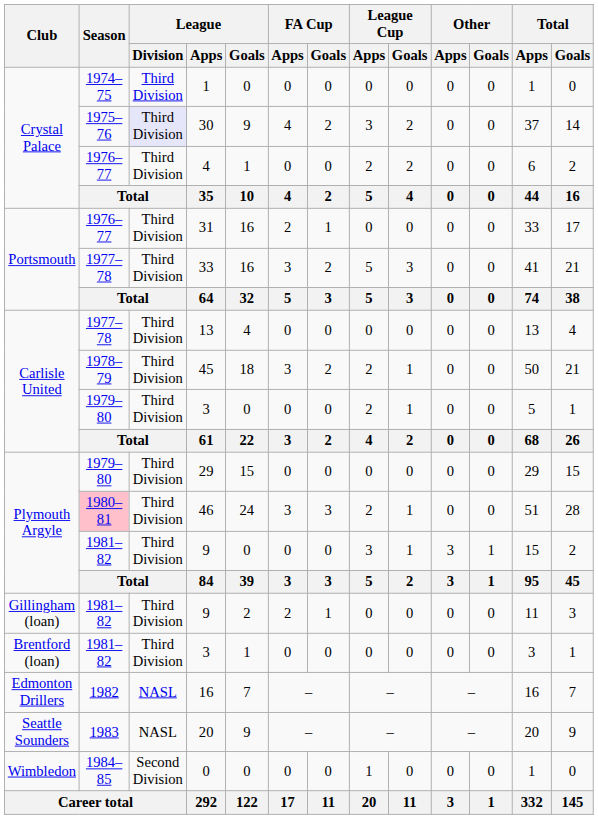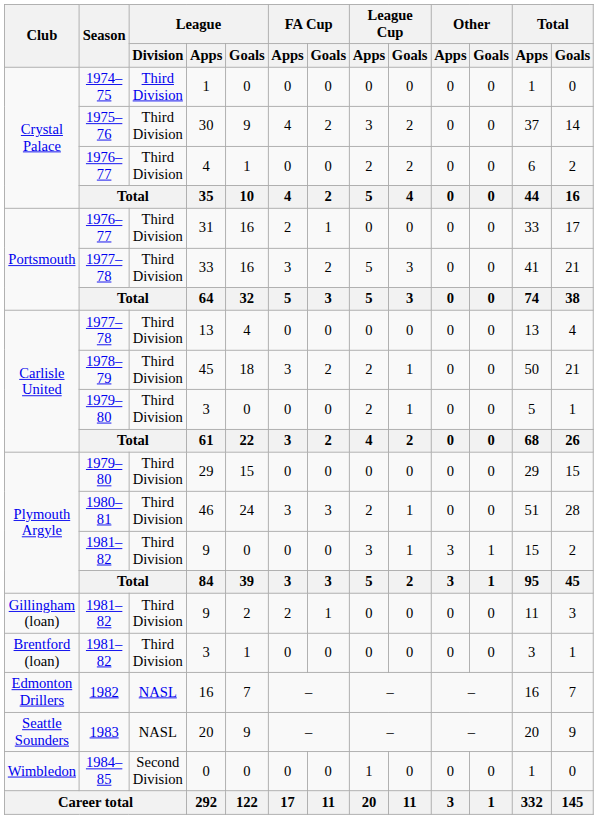 <table class="wikitable" style="text-align:center">
 <tr>
 <th rowspan="2">Club</th>
 <th rowspan="2">Season</th>
 <th colspan="3">League</th>
 <th colspan="2">FA Cup</th>
 <th colspan="2">League Cup</th>
 <th colspan="2">Other</th>
 <th colspan="2">Total</th>
 </tr>
 <tr>
 <th>Division</th>
 <th>Apps</th>
 <th>Goals</th>
 <th>Apps</th>
 <th>Goals</th>
 <th>Apps</th>
 <th>Goals</th>
 <th>Apps</th>
 <th>Goals</th>
 <th>Apps</th>
 <th>Goals</th>
 </tr>
 <tr>
 <td rowspan="4"><a href='#'>Crystal Palace</a></td>
 <td><a href='#'>1974–75</a></td>
 <td><a href='#'>Third Division</a></td>
 <td>1</td>
 <td>0</td>
 <td>0</td>
 <td>0</td>
 <td>0</td>
 <td>0</td>
 <td>0</td>
 <td>0</td>
 <td>1</td>
 <td>0</td>
 </tr>
 <tr>
 <td><a href='#'>1975–76</a></td>
-<td style="background: lavender;">Third Division</td>
+<td>Third Division</td>
 <td>30</td>
 <td>9</td>
 <td>4</td>
 <td>2</td>
 <td>3</td>
 <td>2</td>
 <td>0</td>
 <td>0</td>
 <td>37</td>
 <td>14</td>
 </tr>
 <tr>
 <td><a href='#'>1976–77</a></td>
 <td>Third Division</td>
 <td>4</td>
 <td>1</td>
 <td>0</td>
 <td>0</td>
 <td>2</td>
 <td>2</td>
 <td>0</td>
 <td>0</td>
 <td>6</td>
 <td>2</td>
 </tr>
 <tr>
 <th colspan="2">Total</th>
 <th>35</th>
 <th>10</th>
 <th>4</th>
 <th>2</th>
 <th>5</th>
 <th>4</th>
 <th>0</th>
 <th>0</th>
 <th>44</th>
 <th>16</th>
 </tr>
 <tr>
 <td rowspan="3"><a href='#'>Portsmouth</a></td>
 <td><a href='#'>1976–77</a></td>
 <td>Third Division</td>
 <td>31</td>
 <td>16</td>
 <td>2</td>
 <td>1</td>
 <td>0</td>
 <td>0</td>
 <td>0</td>
 <td>0</td>
 <td>33</td>
 <td>17</td>
 </tr>
 <tr>
 <td><a href='#'>1977–78</a></td>
 <td>Third Division</td>
 <td>33</td>
 <td>16</td>
 <td>3</td>
 <td>2</td>
 <td>5</td>
 <td>3</td>
 <td>0</td>
 <td>0</td>
 <td>41</td>
 <td>21</td>
 </tr>
 <tr>
 <th colspan="2">Total</th>
 <th>64</th>
 <th>32</th>
 <th>5</th>
 <th>3</th>
 <th>5</th>
 <th>3</th>
 <th>0</th>
 <th>0</th>
 <th>74</th>
 <th>38</th>
 </tr>
 <tr>
 <td rowspan="4"><a href='#'>Carlisle United</a></td>
 <td><a href='#'>1977–78</a></td>
 <td>Third Division</td>
 <td>13</td>
 <td>4</td>
 <td>0</td>
 <td>0</td>
 <td>0</td>
 <td>0</td>
 <td>0</td>
 <td>0</td>
 <td>13</td>
 <td>4</td>
 </tr>
 <tr>
 <td><a href='#'>1978–79</a></td>
 <td>Third Division</td>
 <td>45</td>
 <td>18</td>
 <td>3</td>
 <td>2</td>
 <td>2</td>
 <td>1</td>
 <td>0</td>
 <td>0</td>
 <td>50</td>
 <td>21</td>
 </tr>
 <tr>
 <td><a href='#'>1979–80</a></td>
 <td>Third Division</td>
 <td>3</td>
 <td>0</td>
 <td>0</td>
 <td>0</td>
 <td>2</td>
 <td>1</td>
 <td>0</td>
 <td>0</td>
 <td>5</td>
 <td>1</td>
 </tr>
 <tr>
 <th colspan="2">Total</th>
 <th>61</th>
 <th>22</th>
 <th>3</th>
 <th>2</th>
 <th>4</th>
 <th>2</th>
 <th>0</th>
 <th>0</th>
 <th>68</th>
 <th>26</th>
 </tr>
 <tr>
 <td rowspan="4"><a href='#'>Plymouth Argyle</a></td>
 <td><a href='#'>1979–80</a></td>
 <td>Third Division</td>
 <td>29</td>
 <td>15</td>
 <td>0</td>
 <td>0</td>
 <td>0</td>
 <td>0</td>
 <td>0</td>
 <td>0</td>
 <td>29</td>
 <td>15</td>
 </tr>
 <tr>
-<td style="background: pink;"><a href='#'>1980–81</a></td>
+<td><a href='#'>1980–81</a></td>
 <td>Third Division</td>
 <td>46</td>
 <td>24</td>
 <td>3</td>
 <td>3</td>
 <td>2</td>
 <td>1</td>
 <td>0</td>
 <td>0</td>
 <td>51</td>
 <td>28</td>
 </tr>
 <tr>
 <td><a href='#'>1981–82</a></td>
 <td>Third Division</td>
 <td>9</td>
 <td>0</td>
 <td>0</td>
 <td>0</td>
 <td>3</td>
 <td>1</td>
 <td>3</td>
 <td>1</td>
 <td>15</td>
 <td>2</td>
 </tr>
 <tr>
 <th colspan="2">Total</th>
 <th>84</th>
 <th>39</th>
 <th>3</th>
 <th>3</th>
 <th>5</th>
 <th>2</th>
 <th>3</th>
 <th>1</th>
 <th>95</th>
 <th>45</th>
 </tr>
 <tr>
 <td><a href='#'>Gillingham</a> (loan)</td>
 <td><a href='#'>1981–82</a></td>
 <td>Third Division</td>
 <td>9</td>
 <td>2</td>
 <td>2</td>
 <td>1</td>
 <td>0</td>
 <td>0</td>
 <td>0</td>
 <td>0</td>
 <td>11</td>
 <td>3</td>
 </tr>
 <tr>
 <td><a href='#'>Brentford</a> (loan)</td>
 <td><a href='#'>1981–82</a></td>
 <td>Third Division</td>
 <td>3</td>
 <td>1</td>
 <td>0</td>
 <td>0</td>
 <td>0</td>
 <td>0</td>
 <td>0</td>
 <td>0</td>
 <td>3</td>
 <td>1</td>
 </tr>
 <tr>
 <td><a href='#'>Edmonton Drillers</a></td>
 <td><a href='#'>1982</a></td>
 <td><a href='#'>NASL</a></td>
 <td>16</td>
 <td>7</td>
 <td colspan="2">–</td>
 <td colspan="2">–</td>
 <td colspan="2">–</td>
 <td>16</td>
 <td>7</td>
 </tr>
 <tr>
 <td><a href='#'>Seattle Sounders</a></td>
 <td><a href='#'>1983</a></td>
 <td>NASL</td>
 <td>20</td>
 <td>9</td>
 <td colspan="2">–</td>
 <td colspan="2">–</td>
 <td colspan="2">–</td>
 <td>20</td>
 <td>9</td>
 </tr>
 <tr>
 <td><a href='#'>Wimbledon</a></td>
 <td><a href='#'>1984–85</a></td>
 <td>Second Division</td>
 <td>0</td>
 <td>0</td>
 <td>0</td>
 <td>0</td>
 <td>1</td>
 <td>0</td>
 <td>0</td>
 <td>0</td>
 <td>1</td>
 <td>0</td>
 </tr>
 <tr>
 <th colspan="3">Career total</th>
 <th>292</th>
 <th>122</th>
 <th>17</th>
 <th>11</th>
 <th>20</th>
 <th>11</th>
 <th>3</th>
 <th>1</th>
 <th>332</th>
 <th>145</th>
 </tr>
 </table>
